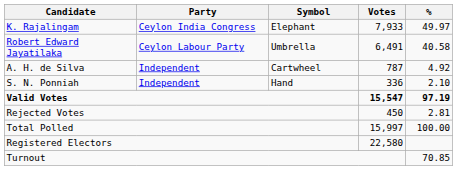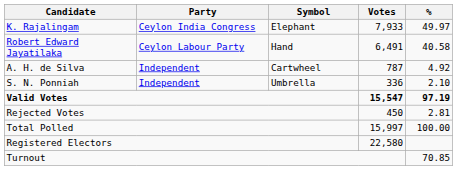 <table class="wikitable" border="1" style="text-align:right;">
 <tr>
 <th align=left width="180">Candidate</th>
 <th align=left width="180">Party</th>
 <th align=left width="120">Symbol</th>
 <th align=left width="60">Votes</th>
 <th align=left width="60">%</th>
 </tr>
 <tr>
 <td align=left><a href='#'>K. Rajalingam</a></td>
 <td align=left><a href='#'>Ceylon India Congress</a></td>
 <td align=left>Elephant</td>
 <td>7,933</td>
 <td>49.97</td>
 </tr>
 <tr>
 <td align=left><a href='#'>Robert Edward Jayatilaka</a></td>
 <td align=left><a href='#'>Ceylon Labour Party</a></td>
-<td align=left>Umbrella</td>
+<td align=left>Hand</td>
 <td>6,491</td>
 <td>40.58</td>
 </tr>
 <tr>
 <td align=left>A. H. de Silva</td>
 <td align=left><a href='#'>Independent</a></td>
 <td align=left>Cartwheel</td>
 <td>787</td>
 <td>4.92</td>
 </tr>
 <tr>
 <td align=left>S. N. Ponniah</td>
 <td align=left><a href='#'>Independent</a></td>
-<td align=left>Hand</td>
+<td align=left>Umbrella</td>
 <td>336</td>
 <td>2.10</td>
 </tr>
 <tr>
 <td align=left colspan=3><strong>Valid Votes</strong></td>
 <td><strong>15,547</strong></td>
 <td><strong>97.19</strong></td>
 </tr>
 <tr>
 <td align=left colspan=3>Rejected Votes</td>
 <td>450</td>
 <td>2.81</td>
 </tr>
 <tr>
 <td align=left colspan=3>Total Polled</td>
 <td>15,997</td>
 <td>100.00</td>
 </tr>
 <tr>
 <td align=left colspan=3>Registered Electors</td>
 <td>22,580</td>
 <td></td>
 </tr>
 <tr>
 <td align=left colspan=4>Turnout</td>
 <td>70.85</td>
 </tr>
 </table>
